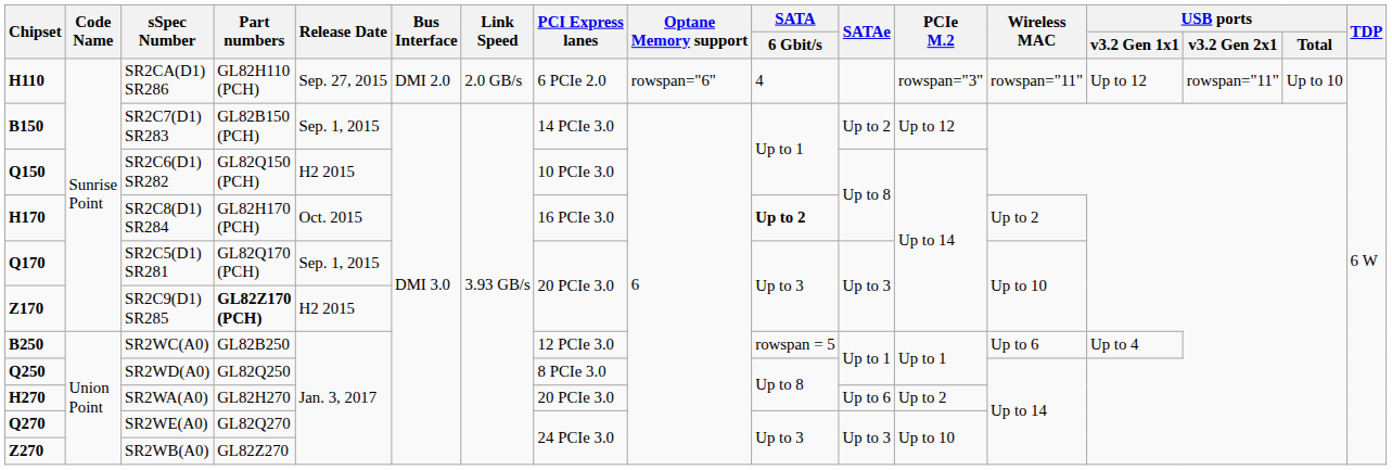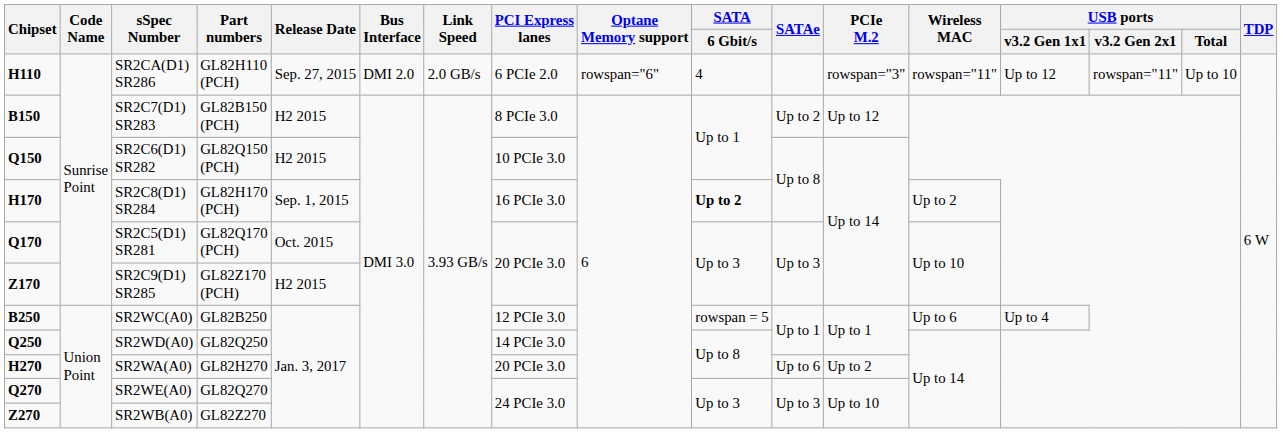 <table class="wikitable" style="font-size: 90%;">
 <tr>
 <th rowspan="2">Chipset</th>
 <th rowspan="2">Code<br>Name</th>
 <th rowspan="2">sSpec<br>Number</th>
 <th rowspan="2">Part<br>numbers</th>
 <th rowspan="2">Release Date</th>
 <th rowspan="2">Bus<br>Interface</th>
 <th rowspan="2">Link<br>Speed</th>
 <th rowspan="2"><a href='#'>PCI Express</a><br>lanes</th>
 <th rowspan="2"><a href='#'>Optane</a><br><a href='#'>Memory</a> support</th>
 <th><a href='#'>SATA</a></th>
 <th rowspan="2"><a href='#'>SATAe</a></th>
 <th rowspan="2">PCIe<br><a href='#'>M.2</a></th>
 <th rowspan="2">Wireless<br>MAC</th>
 <th colspan="3"><a href='#'>USB</a> ports</th>
 <th rowspan="2"><a href='#'>TDP</a></th>
 </tr>
 <tr>
 <th>6 Gbit/s</th>
 <th>v3.2 Gen 1x1</th>
 <th>v3.2 Gen 2x1</th>
 <th>Total</th>
 </tr>
 <tr>
 <td><strong>H110</strong></td>
 <td rowspan="6">Sunrise<br>Point</td>
 <td>SR2CA(D1)<br>SR286</td>
 <td>GL82H110<br>(PCH)</td>
 <td>Sep. 27, 2015</td>
 <td>DMI 2.0</td>
 <td>2.0 GB/s</td>
 <td>6 PCIe 2.0</td>
 <td>rowspan="6" </td>
 <td>4</td>
 <td></td>
 <td>rowspan="3" </td>
 <td>rowspan="11" </td>
 <td>Up to 12</td>
 <td>rowspan="11" </td>
 <td>Up to 10</td>
 <td rowspan="11">6 W</td>
 </tr>
 <tr>
 <td><strong>B150</strong></td>
 <td>SR2C7(D1)<br>SR283</td>
 <td>GL82B150<br>(PCH)</td>
-<td>Sep. 1, 2015</td>
+<td>H2 2015</td>
 <td rowspan="10">DMI 3.0</td>
 <td rowspan="10">3.93 GB/s</td>
-<td>14 PCIe 3.0</td>
+<td>8 PCIe 3.0</td>
 <td rowspan="10">6</td>
 <td rowspan="2">Up to 1</td>
 <td>Up to 2</td>
 <td>Up to 12</td>
 </tr>
 <tr>
 <td><strong>Q150</strong></td>
 <td>SR2C6(D1)<br>SR282</td>
 <td>GL82Q150<br>(PCH)</td>
 <td>H2 2015</td>
 <td>10 PCIe 3.0</td>
 <td rowspan="2">Up to 8</td>
 <td rowspan="4">Up to 14</td>
 </tr>
 <tr>
 <td><strong>H170</strong></td>
 <td>SR2C8(D1)<br>SR284</td>
 <td>GL82H170<br>(PCH)</td>
-<td>Oct. 2015</td>
+<td>Sep. 1, 2015</td>
 <td>16 PCIe 3.0</td>
 <td><strong>Up to 2</strong></td>
 <td>Up to 2</td>
 </tr>
 <tr>
 <td><strong>Q170</strong></td>
 <td>SR2C5(D1)<br>SR281</td>
 <td>GL82Q170<br>(PCH)</td>
-<td>Sep. 1, 2015</td>
+<td>Oct. 2015</td>
 <td rowspan="2">20 PCIe 3.0</td>
 <td rowspan="2">Up to 3</td>
 <td rowspan="2">Up to 3</td>
 <td rowspan="2">Up to 10</td>
 </tr>
 <tr>
 <td><strong>Z170</strong></td>
 <td>SR2C9(D1)<br>SR285</td>
-<td><strong>GL82Z170<br>(PCH)</strong></td>
+<td>GL82Z170<br>(PCH)</td>
 <td>H2 2015</td>
 </tr>
 <tr>
 <td><strong>B250</strong></td>
 <td rowspan=5>Union<br>Point</td>
 <td>SR2WC(A0)</td>
 <td>GL82B250</td>
 <td rowspan = 5>Jan. 3, 2017</td>
 <td>12 PCIe 3.0</td>
 <td>rowspan = 5 </td>
 <td rowspan = 2>Up to 1</td>
 <td rowspan = 2>Up to 1</td>
 <td>Up to 6</td>
 <td>Up to 4</td>
 </tr>
 <tr>
 <td><strong>Q250</strong></td>
 <td>SR2WD(A0)</td>
 <td>GL82Q250</td>
-<td>8 PCIe 3.0</td>
+<td>14 PCIe 3.0</td>
 <td rowspan=2>Up to 8</td>
 <td rowspan="4">Up to 14</td>
 </tr>
 <tr>
 <td><strong>H270</strong></td>
 <td>SR2WA(A0)</td>
 <td>GL82H270</td>
 <td>20 PCIe 3.0</td>
 <td>Up to 6</td>
 <td>Up to 2</td>
 </tr>
 <tr>
 <td><strong>Q270</strong></td>
 <td>SR2WE(A0)</td>
 <td>GL82Q270</td>
 <td rowspan=2>24 PCIe 3.0</td>
 <td rowspan=2>Up to 3</td>
 <td rowspan=2>Up to 3</td>
 <td rowspan=2>Up to 10</td>
 </tr>
 <tr>
 <td><strong>Z270</strong></td>
 <td>SR2WB(A0)</td>
 <td>GL82Z270</td>
 </tr>
 </table>
